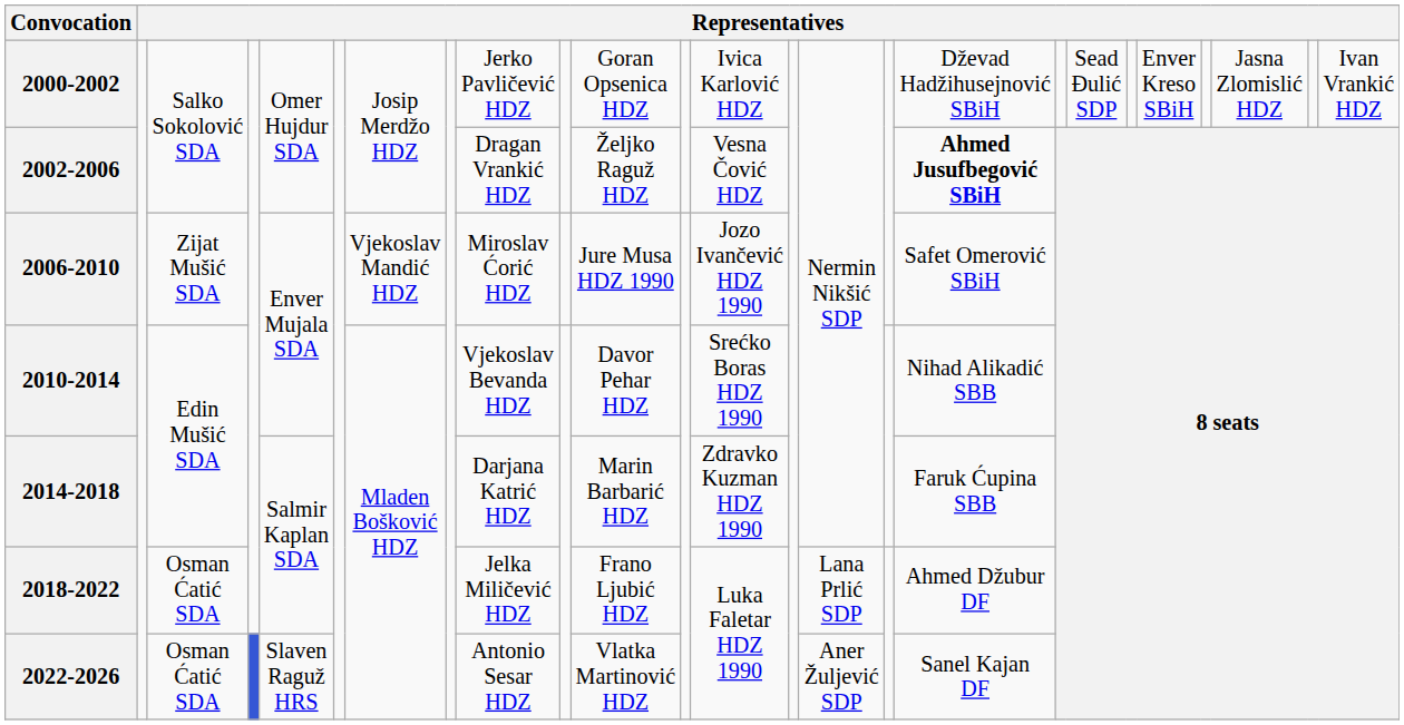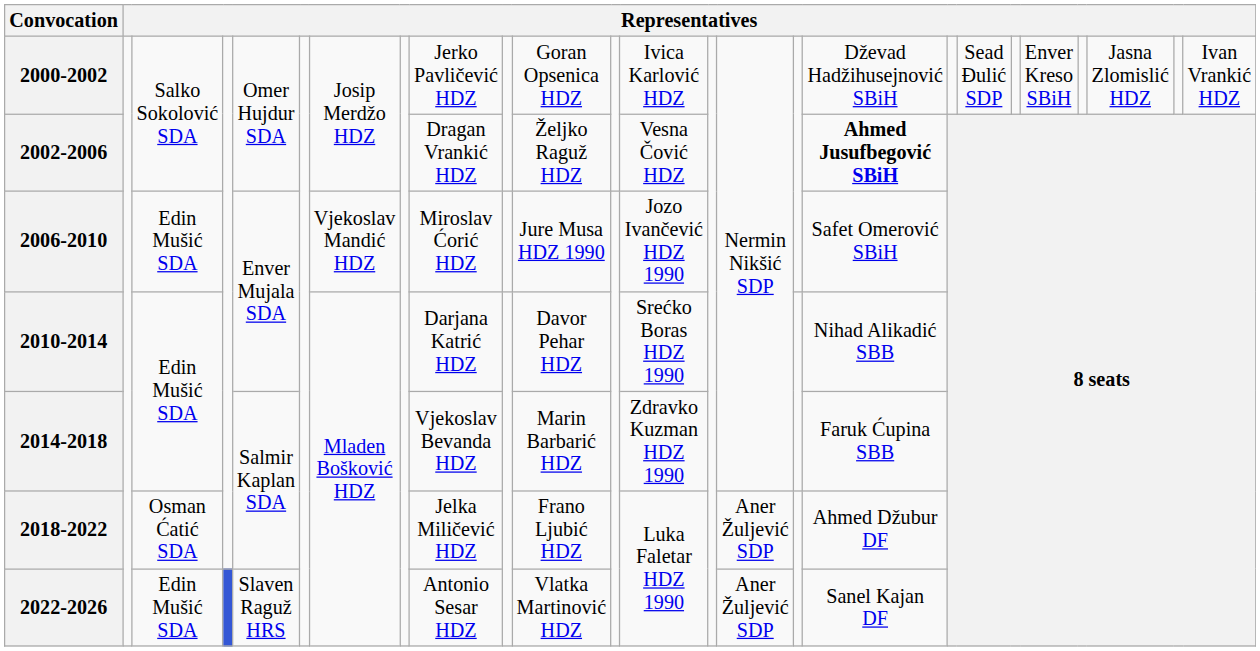 <table class="wikitable" style="text-align:center">
 <tr>
 <th>Convocation</th>
 <th colspan=26>Representatives</th>
 </tr>
 <tr>
 <th>2000-2002</th>
 <td rowspan=7 style="background-color: "></td>
 <td rowspan=2>Salko Sokolović<br><a href='#'>SDA</a></td>
 <td rowspan=6; style="background-color: "></td>
 <td rowspan=2>Omer Hujdur<br><a href='#'>SDA</a></td>
 <td rowspan=7; style="background-color: "></td>
 <td rowspan=2>Josip Merdžo<br><a href='#'>HDZ</a></td>
 <td rowspan=7; style="background-color: "></td>
 <td rowspan=1>Jerko Pavličević<br><a href='#'>HDZ</a></td>
 <td rowspan=2; style="background-color: "></td>
 <td rowspan=1>Goran Opsenica<br><a href='#'>HDZ</a></td>
 <td rowspan=2; style="background-color: "></td>
 <td rowspan=1>Ivica Karlović<br><a href='#'>HDZ</a></td>
 <td rowspan=7; style="background-color: "></td>
 <td rowspan=5>Nermin Nikšić<br><a href='#'>SDP</a></td>
 <td rowspan=3; style="background-color: "></td>
 <td rowspan=1>Dževad Hadžihusejnović<br><a href='#'>SBiH</a></td>
 <td rowspan=1; style="background-color: "></td>
 <td rowspan=1>Sead Đulić<br><a href='#'>SDP</a></td>
 <td rowspan=1; style="background-color: "></td>
 <td rowspan=1>Enver Kreso<br><a href='#'>SBiH</a></td>
 <td rowspan=1; style="background-color: "></td>
 <td rowspan=1>Jasna Zlomislić<br><a href='#'>HDZ</a></td>
 <td rowspan=1; style="background-color: "></td>
 <td rowspan=1>Ivan Vrankić<br><a href='#'>HDZ</a></td>
 </tr>
 <tr>
 <th>2002-2006</th>
 <td rowspan=1>Dragan Vrankić<br><a href='#'>HDZ</a></td>
 <td rowspan=1>Željko Raguž<br><a href='#'>HDZ</a></td>
 <td rowspan=1>Vesna Čović<br><a href='#'>HDZ</a></td>
 <td rowspan=1><strong>Ahmed Jusufbegović<br><a href='#'>SBiH</a></strong></td>
 <th colspan=8; rowspan=6>8 seats</th>
 </tr>
 <tr>
 <th>2006-2010</th>
-<td rowspan=1>Zijat Mušić<br><a href='#'>SDA</a></td>
+<td rowspan=1>Edin Mušić<br><a href='#'>SDA</a></td>
 <td rowspan=2>Enver Mujala<br><a href='#'>SDA</a></td>
 <td rowspan=1>Vjekoslav Mandić<br><a href='#'>HDZ</a></td>
 <td rowspan=1>Miroslav Ćorić<br><a href='#'>HDZ</a></td>
 <td rowspan=1; style="background-color: "></td>
 <td rowspan=1>Jure Musa<br><a href='#'>HDZ 1990</a></td>
 <td rowspan=5; style="background-color: "></td>
 <td rowspan=1>Jozo Ivančević<br><a href='#'>HDZ 1990</a></td>
 <td rowspan=1>Safet Omerović<br><a href='#'>SBiH</a></td>
 </tr>
 <tr>
 <th>2010-2014</th>
 <td rowspan=2>Edin Mušić<br><a href='#'>SDA</a></td>
 <td rowspan=4><a href='#'>Mladen Bošković</a><br><a href='#'>HDZ</a></td>
-<td rowspan=1>Vjekoslav Bevanda<br><a href='#'>HDZ</a></td>
+<td rowspan=1>Darjana Katrić<br><a href='#'>HDZ</a></td>
 <td rowspan=4; style="background-color: "></td>
 <td rowspan=1>Davor Pehar<br><a href='#'>HDZ</a></td>
 <td rowspan=1>Srećko Boras<br><a href='#'>HDZ 1990</a></td>
 <td rowspan=2; style="background-color: "></td>
 <td rowspan=1>Nihad Alikadić<br><a href='#'>SBB</a></td>
 </tr>
 <tr>
 <th>2014-2018</th>
 <td rowspan=2>Salmir Kaplan<br><a href='#'>SDA</a></td>
-<td rowspan=1>Darjana Katrić<br><a href='#'>HDZ</a></td>
+<td rowspan=1>Vjekoslav Bevanda<br><a href='#'>HDZ</a></td>
 <td rowspan=1>Marin Barbarić<br><a href='#'>HDZ</a></td>
 <td rowspan=1>Zdravko Kuzman<br><a href='#'>HDZ 1990</a></td>
 <td rowspan=1>Faruk Ćupina<br><a href='#'>SBB</a></td>
 </tr>
 <tr>
 <th>2018-2022</th>
 <td rowspan=1>Osman Ćatić<br><a href='#'>SDA</a></td>
 <td rowspan=1>Jelka Miličević<br><a href='#'>HDZ</a></td>
 <td rowspan=1>Frano Ljubić<br><a href='#'>HDZ</a></td>
 <td rowspan=2>Luka Faletar<br><a href='#'>HDZ 1990</a></td>
-<td rowspan=1>Lana Prlić<br><a href='#'>SDP</a></td>
+<td rowspan=1>Aner Žuljević<br><a href='#'>SDP</a></td>
 <td rowspan=2; style="background-color: "></td>
 <td rowspan=1>Ahmed Džubur<br><a href='#'>DF</a></td>
 </tr>
 <tr>
 <th>2022-2026</th>
-<td rowspan=1>Osman Ćatić<br><a href='#'>SDA</a></td>
+<td rowspan=1>Edin Mušić<br><a href='#'>SDA</a></td>
 <td rowspan=1; style="background-color: #3457D5"></td>
 <td rowspan=1>Slaven Raguž<br><a href='#'>HRS</a></td>
 <td rowspan=1>Antonio Sesar<br><a href='#'>HDZ</a></td>
 <td rowspan=1>Vlatka Martinović<br><a href='#'>HDZ</a></td>
 <td rowspan=1>Aner Žuljević<br><a href='#'>SDP</a></td>
 <td rowspan=1>Sanel Kajan<br><a href='#'>DF</a></td>
 </tr>
 </table>
